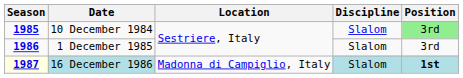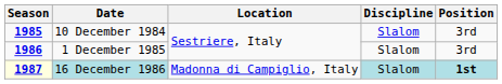 <table class="wikitable" style="font-size:95%;">
 <tr>
 <th>Season</th>
 <th>Date</th>
 <th>Location</th>
 <th>Discipline</th>
 <th>Position</th>
 </tr>
 <tr>
 <td align=center><strong><a href='#'>1985</a></strong></td>
 <td align=right>10 December 1984</td>
 <td rowspan=2> <a href='#'>Sestriere</a>, Italy</td>
 <td align=center><a href='#'>Slalom</a></td>
-<td align=center style="background: lightgreen;">3rd</td>
+<td align=center>3rd</td>
 </tr>
 <tr>
 <td align=center><strong><a href='#'>1986</a></strong></td>
 <td align=right>1 December 1985</td>
 <td align=center>Slalom</td>
 <td align=center>3rd</td>
 </tr>
 <tr>
 <td align=center style="background: lightyellow;"><strong><a href='#'>1987</a></strong></td>
 <td align=right bgcolor="#BOEOE6">16 December 1986</td>
 <td> <a href='#'>Madonna di Campiglio</a>, Italy</td>
 <td align=center bgcolor="#BOEOE6">Slalom</td>
 <td align=center bgcolor="#BOEOE6"><strong>1st</strong></td>
 </tr>
 </table>
